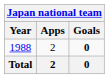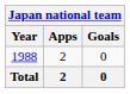 <table class="wikitable" style="text-align:center">
 <tr>
 <th colspan=3><a href='#'>Japan national team</a></th>
 </tr>
 <tr>
 <th>Year</th>
 <th>Apps</th>
 <th>Goals</th>
 </tr>
 <tr>
 <td><a href='#'>1988</a></td>
 <td>2</td>
-<td><strong>0</strong></td>
+<td>0</td>
 </tr>
 <tr>
 <th>Total</th>
 <th>2</th>
 <th>0</th>
 </tr>
 </table>
